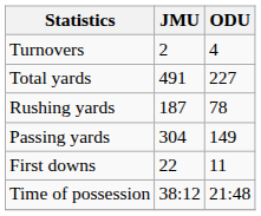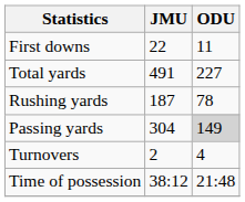 <table class="wikitable" style="float: left;">
 <tr>
 <th>Statistics</th>
 <th>JMU</th>
 <th>ODU</th>
 </tr>
 <tr>
-<td>Turnovers</td>
-<td>2</td>
-<td>4</td>
+<td>First downs</td>
+<td>22</td>
+<td>11</td>
 </tr>
 <tr>
 <td>Total yards</td>
 <td>491</td>
 <td>227</td>
 </tr>
 <tr>
 <td>Rushing yards</td>
 <td>187</td>
 <td>78</td>
 </tr>
 <tr>
 <td>Passing yards</td>
 <td>304</td>
-<td>149</td>
+<td style="background: lightgrey;">149</td>
 </tr>
 <tr>
-<td>First downs</td>
-<td>22</td>
-<td>11</td>
+<td>Turnovers</td>
+<td>2</td>
+<td>4</td>
 </tr>
 <tr>
 <td>Time of possession</td>
 <td>38:12</td>
 <td>21:48</td>
 </tr>
 <tr>
 </tr>
 </table>
